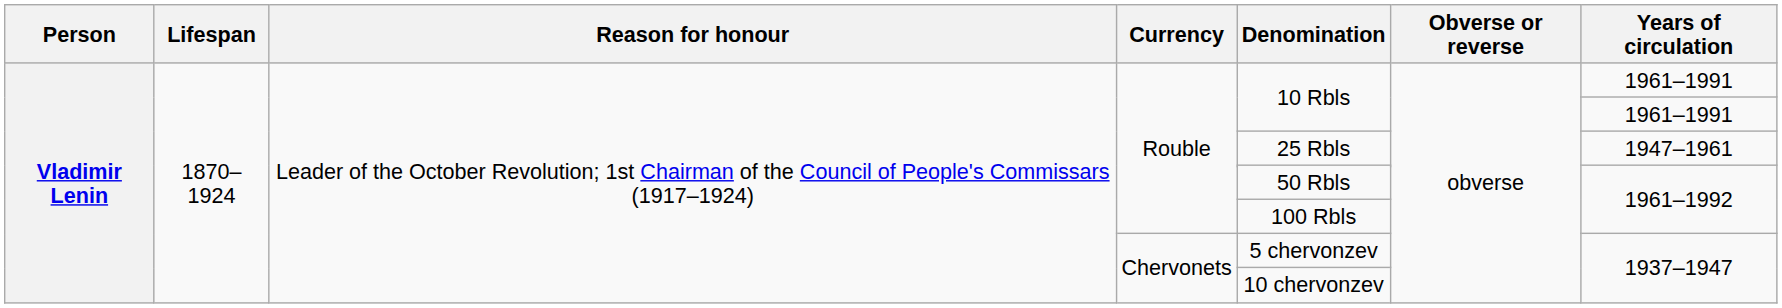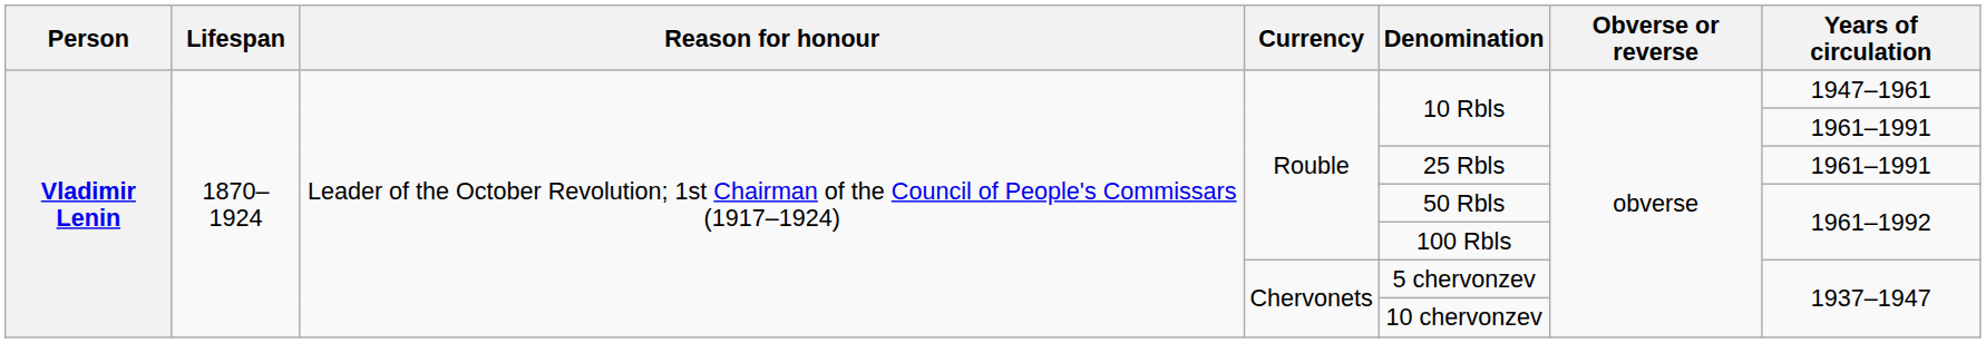 <table class="wikitable" style="font-size:95%; text-align:center;">
 <tr>
 <th>Person</th>
 <th>Lifespan</th>
 <th>Reason for honour</th>
 <th>Currency</th>
 <th>Denomination</th>
 <th>Obverse or reverse</th>
 <th>Years of circulation</th>
 </tr>
 <tr>
 <th rowspan="8"><a href='#'>Vladimir Lenin</a></th>
 <td rowspan="8">1870–1924</td>
 <td rowspan="8">Leader of the October Revolution; 1st <a href='#'>Chairman</a> of the <a href='#'>Council of People's Commissars</a> (1917–1924)</td>
 <td rowspan="6">Rouble</td>
 <td rowspan="2">10 Rbls</td>
 <td rowspan="8">obverse</td>
-<td>1961–1991</td>
+<td>1947–1961</td>
 </tr>
 <tr>
 <td>1961–1991</td>
 </tr>
 <tr>
 <td rowspan="2">25 Rbls</td>
-<td>1947–1961</td>
+<td>1961–1991</td>
 </tr>
 <tr>
 <td rowspan="3">1961–1992</td>
 </tr>
 <tr>
 <td>50 Rbls</td>
 </tr>
 <tr>
 <td>100 Rbls</td>
 </tr>
 <tr>
 <td rowspan="2">Chervonets</td>
 <td>5 chervonzev</td>
 <td rowspan="2">1937–1947</td>
 </tr>
 <tr>
 <td>10 chervonzev</td>
 </tr>
 </table>
